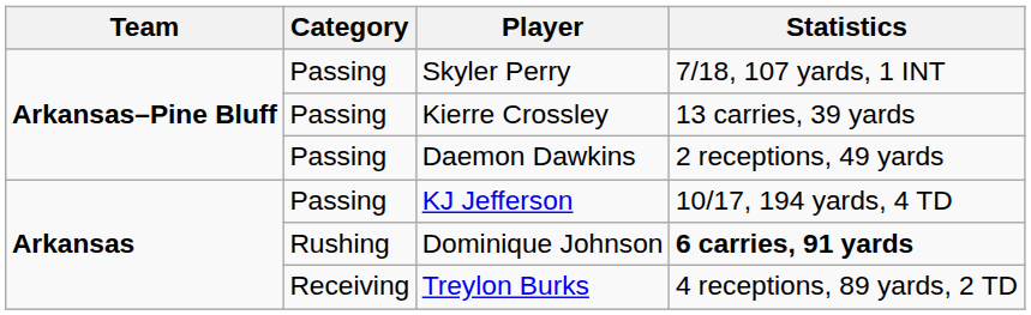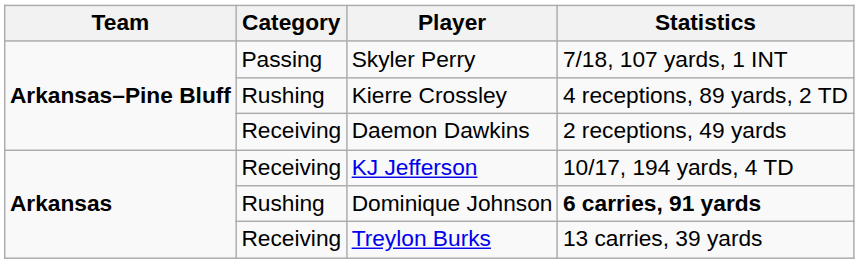 <table class="wikitable" style="float: left;">
 <tr>
 <th>Team</th>
 <th>Category</th>
 <th>Player</th>
 <th>Statistics</th>
 </tr>
 <tr>
 <td rowspan=3><strong>Arkansas–Pine Bluff</strong></td>
 <td>Passing</td>
 <td>Skyler Perry</td>
 <td>7/18, 107 yards, 1 INT</td>
 </tr>
 <tr>
-<td>Passing</td>
+<td>Rushing</td>
 <td>Kierre Crossley</td>
-<td>13 carries, 39 yards</td>
+<td>4 receptions, 89 yards, 2 TD</td>
 </tr>
 <tr>
-<td>Passing</td>
+<td>Receiving</td>
 <td>Daemon Dawkins</td>
 <td>2 receptions, 49 yards</td>
 </tr>
 <tr>
 <td rowspan=3><strong>Arkansas</strong></td>
-<td>Passing</td>
+<td>Receiving</td>
 <td><a href='#'>KJ Jefferson</a></td>
 <td>10/17, 194 yards, 4 TD</td>
 </tr>
 <tr>
 <td>Rushing</td>
 <td>Dominique Johnson</td>
 <td><strong>6 carries, 91 yards</strong></td>
 </tr>
 <tr>
 <td>Receiving</td>
 <td><a href='#'>Treylon Burks</a></td>
-<td>4 receptions, 89 yards, 2 TD</td>
+<td>13 carries, 39 yards</td>
 </tr>
 </table>
